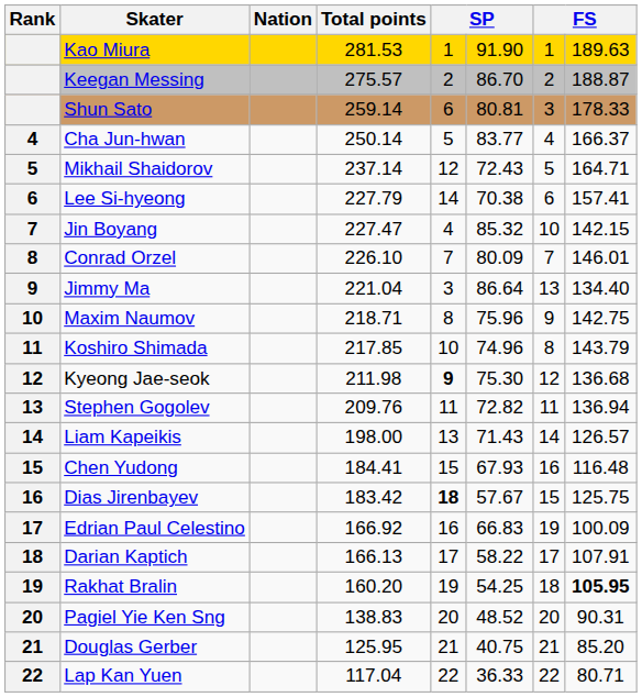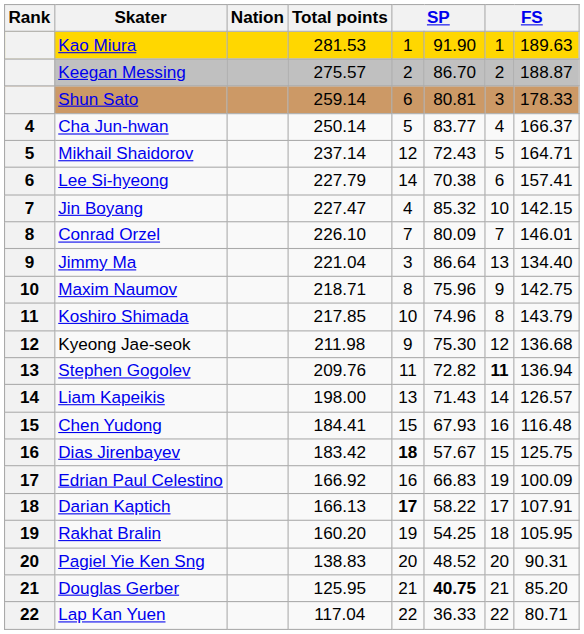 <table class="wikitable sortable" style="text-align:left">
 <tr>
 <th scope="col">Rank</th>
 <th scope="col">Skater</th>
 <th scope="col">Nation</th>
 <th scope="col">Total points</th>
 <th scope="col" colspan="2" width="80px"><a href='#'>SP</a></th>
 <th scope="col" colspan="2" width="80px"><a href='#'>FS</a></th>
 </tr>
 <tr bgcolor="gold">
 <th scope="row"></th>
 <td><a href='#'>Kao Miura</a></td>
 <td></td>
 <td align="center">281.53</td>
 <td align="center">1</td>
 <td align="center">91.90</td>
 <td align="center">1</td>
 <td align="center">189.63</td>
 </tr>
 <tr bgcolor="silver">
 <th scope="row"></th>
 <td><a href='#'>Keegan Messing</a></td>
 <td></td>
 <td align="center">275.57</td>
 <td align="center">2</td>
 <td align="center">86.70</td>
 <td align="center">2</td>
 <td align="center">188.87</td>
 </tr>
 <tr bgcolor="cc9966">
 <th scope="row"></th>
 <td><a href='#'>Shun Sato</a></td>
 <td></td>
 <td align="center">259.14</td>
 <td align="center">6</td>
 <td align="center">80.81</td>
 <td align="center">3</td>
 <td align="center">178.33</td>
 </tr>
 <tr>
 <th scope="row">4</th>
 <td><a href='#'>Cha Jun-hwan</a></td>
 <td></td>
 <td align="center">250.14</td>
 <td align="center">5</td>
 <td align="center">83.77</td>
 <td align="center">4</td>
 <td align="center">166.37</td>
 </tr>
 <tr>
 <th scope="row">5</th>
 <td><a href='#'>Mikhail Shaidorov</a></td>
 <td></td>
 <td align="center">237.14</td>
 <td align="center">12</td>
 <td align="center">72.43</td>
 <td align="center">5</td>
 <td align="center">164.71</td>
 </tr>
 <tr>
 <th scope="row">6</th>
 <td><a href='#'>Lee Si-hyeong</a></td>
 <td></td>
 <td align="center">227.79</td>
 <td align="center">14</td>
 <td align="center">70.38</td>
 <td align="center">6</td>
 <td align="center">157.41</td>
 </tr>
 <tr>
 <th scope="row">7</th>
 <td><a href='#'>Jin Boyang</a></td>
 <td></td>
 <td align="center">227.47</td>
 <td align="center">4</td>
 <td align="center">85.32</td>
 <td align="center">10</td>
 <td align="center">142.15</td>
 </tr>
 <tr>
 <th scope="row">8</th>
 <td><a href='#'>Conrad Orzel</a></td>
 <td></td>
 <td align="center">226.10</td>
 <td align="center">7</td>
 <td align="center">80.09</td>
 <td align="center">7</td>
 <td align="center">146.01</td>
 </tr>
 <tr>
 <th scope="row">9</th>
 <td><a href='#'>Jimmy Ma</a></td>
 <td></td>
 <td align="center">221.04</td>
 <td align="center">3</td>
 <td align="center">86.64</td>
 <td align="center">13</td>
 <td align="center">134.40</td>
 </tr>
 <tr>
 <th scope="row">10</th>
 <td><a href='#'>Maxim Naumov</a></td>
 <td></td>
 <td align="center">218.71</td>
 <td align="center">8</td>
 <td align="center">75.96</td>
 <td align="center">9</td>
 <td align="center">142.75</td>
 </tr>
 <tr>
 <th scope="row">11</th>
 <td><a href='#'>Koshiro Shimada</a></td>
 <td></td>
 <td align="center">217.85</td>
 <td align="center">10</td>
 <td align="center">74.96</td>
 <td align="center">8</td>
 <td align="center">143.79</td>
 </tr>
 <tr>
 <th scope="row">12</th>
 <td>Kyeong Jae-seok</td>
 <td></td>
 <td align="center">211.98</td>
-<td align="center"><strong>9</strong></td>
+<td align="center">9</td>
 <td align="center">75.30</td>
 <td align="center">12</td>
 <td align="center">136.68</td>
 </tr>
 <tr>
 <th scope="row">13</th>
 <td><a href='#'>Stephen Gogolev</a></td>
 <td></td>
 <td align="center">209.76</td>
 <td align="center">11</td>
 <td align="center">72.82</td>
-<td align="center">11</td>
+<td align="center"><strong>11</strong></td>
 <td align="center">136.94</td>
 </tr>
 <tr>
 <th scope="row">14</th>
 <td><a href='#'>Liam Kapeikis</a></td>
 <td></td>
 <td align="center">198.00</td>
 <td align="center">13</td>
 <td align="center">71.43</td>
 <td align="center">14</td>
 <td align="center">126.57</td>
 </tr>
 <tr>
 <th scope="row">15</th>
 <td><a href='#'>Chen Yudong</a></td>
 <td></td>
 <td align="center">184.41</td>
 <td align="center">15</td>
 <td align="center">67.93</td>
 <td align="center">16</td>
 <td align="center">116.48</td>
 </tr>
 <tr>
 <th scope="row">16</th>
 <td><a href='#'>Dias Jirenbayev</a></td>
 <td></td>
 <td align="center">183.42</td>
 <td align="center"><strong>18</strong></td>
 <td align="center">57.67</td>
 <td align="center">15</td>
 <td align="center">125.75</td>
 </tr>
 <tr>
 <th scope="row">17</th>
 <td><a href='#'>Edrian Paul Celestino</a></td>
 <td></td>
 <td align="center">166.92</td>
 <td align="center">16</td>
 <td align="center">66.83</td>
 <td align="center">19</td>
 <td align="center">100.09</td>
 </tr>
 <tr>
 <th scope="row">18</th>
 <td><a href='#'>Darian Kaptich</a></td>
 <td></td>
 <td align="center">166.13</td>
-<td align="center">17</td>
+<td align="center"><strong>17</strong></td>
 <td align="center">58.22</td>
 <td align="center">17</td>
 <td align="center">107.91</td>
 </tr>
 <tr>
 <th scope="row">19</th>
 <td><a href='#'>Rakhat Bralin</a></td>
 <td></td>
 <td align="center">160.20</td>
 <td align="center">19</td>
 <td align="center">54.25</td>
 <td align="center">18</td>
-<td align="center"><strong>105.95</strong></td>
+<td align="center">105.95</td>
 </tr>
 <tr>
 <th scope="row">20</th>
 <td><a href='#'>Pagiel Yie Ken Sng</a></td>
 <td></td>
 <td align="center">138.83</td>
 <td align="center">20</td>
 <td align="center">48.52</td>
 <td align="center">20</td>
 <td align="center">90.31</td>
 </tr>
 <tr>
 <th scope="row">21</th>
 <td><a href='#'>Douglas Gerber</a></td>
 <td></td>
 <td align="center">125.95</td>
 <td align="center">21</td>
-<td align="center">40.75</td>
+<td align="center"><strong>40.75</strong></td>
 <td align="center">21</td>
 <td align="center">85.20</td>
 </tr>
 <tr>
 <th scope="row">22</th>
 <td><a href='#'>Lap Kan Yuen</a></td>
 <td></td>
 <td align="center">117.04</td>
 <td align="center">22</td>
 <td align="center">36.33</td>
 <td align="center">22</td>
 <td align="center">80.71</td>
 </tr>
 </table>
